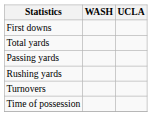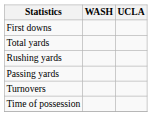 <table class="wikitable" style="float: left;">
 <tr>
 <th>Statistics</th>
 <th>WASH</th>
 <th>UCLA</th>
 </tr>
 <tr>
 <td>First downs</td>
 <td></td>
 <td></td>
 </tr>
 <tr>
 <td>Total yards</td>
 <td></td>
 <td></td>
 </tr>
 <tr>
-<td>Passing yards</td>
+<td>Rushing yards</td>
 <td></td>
 <td></td>
 </tr>
 <tr>
-<td>Rushing yards</td>
+<td>Passing yards</td>
 <td></td>
 <td></td>
 </tr>
 <tr>
 <td>Turnovers</td>
 <td></td>
 <td></td>
 </tr>
 <tr>
 <td>Time of possession</td>
 <td></td>
 <td></td>
 </tr>
 <tr>
 </tr>
 </table>
